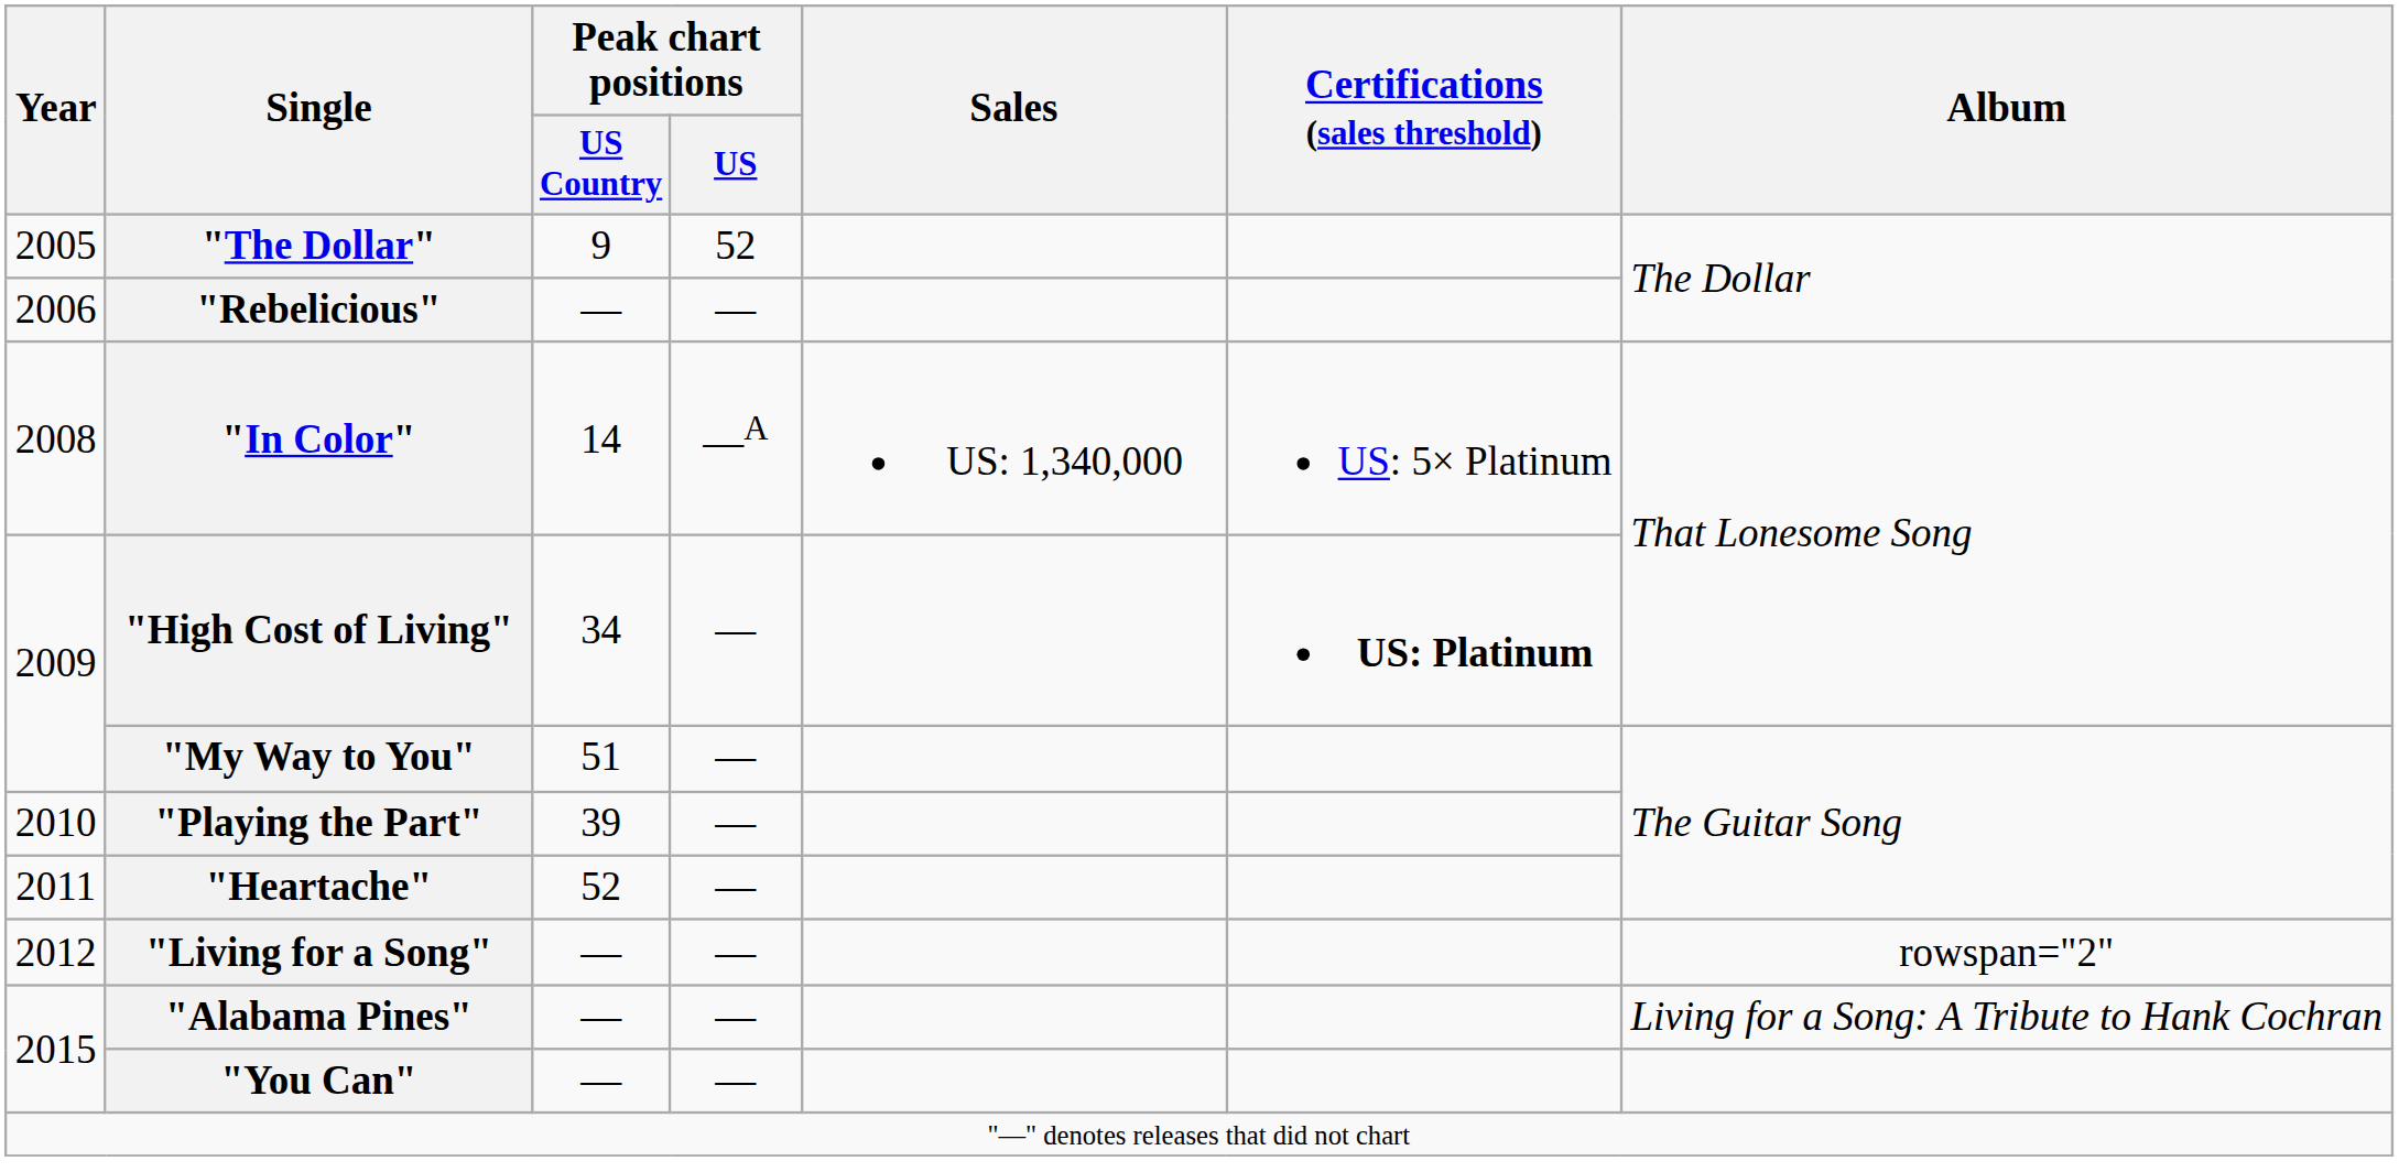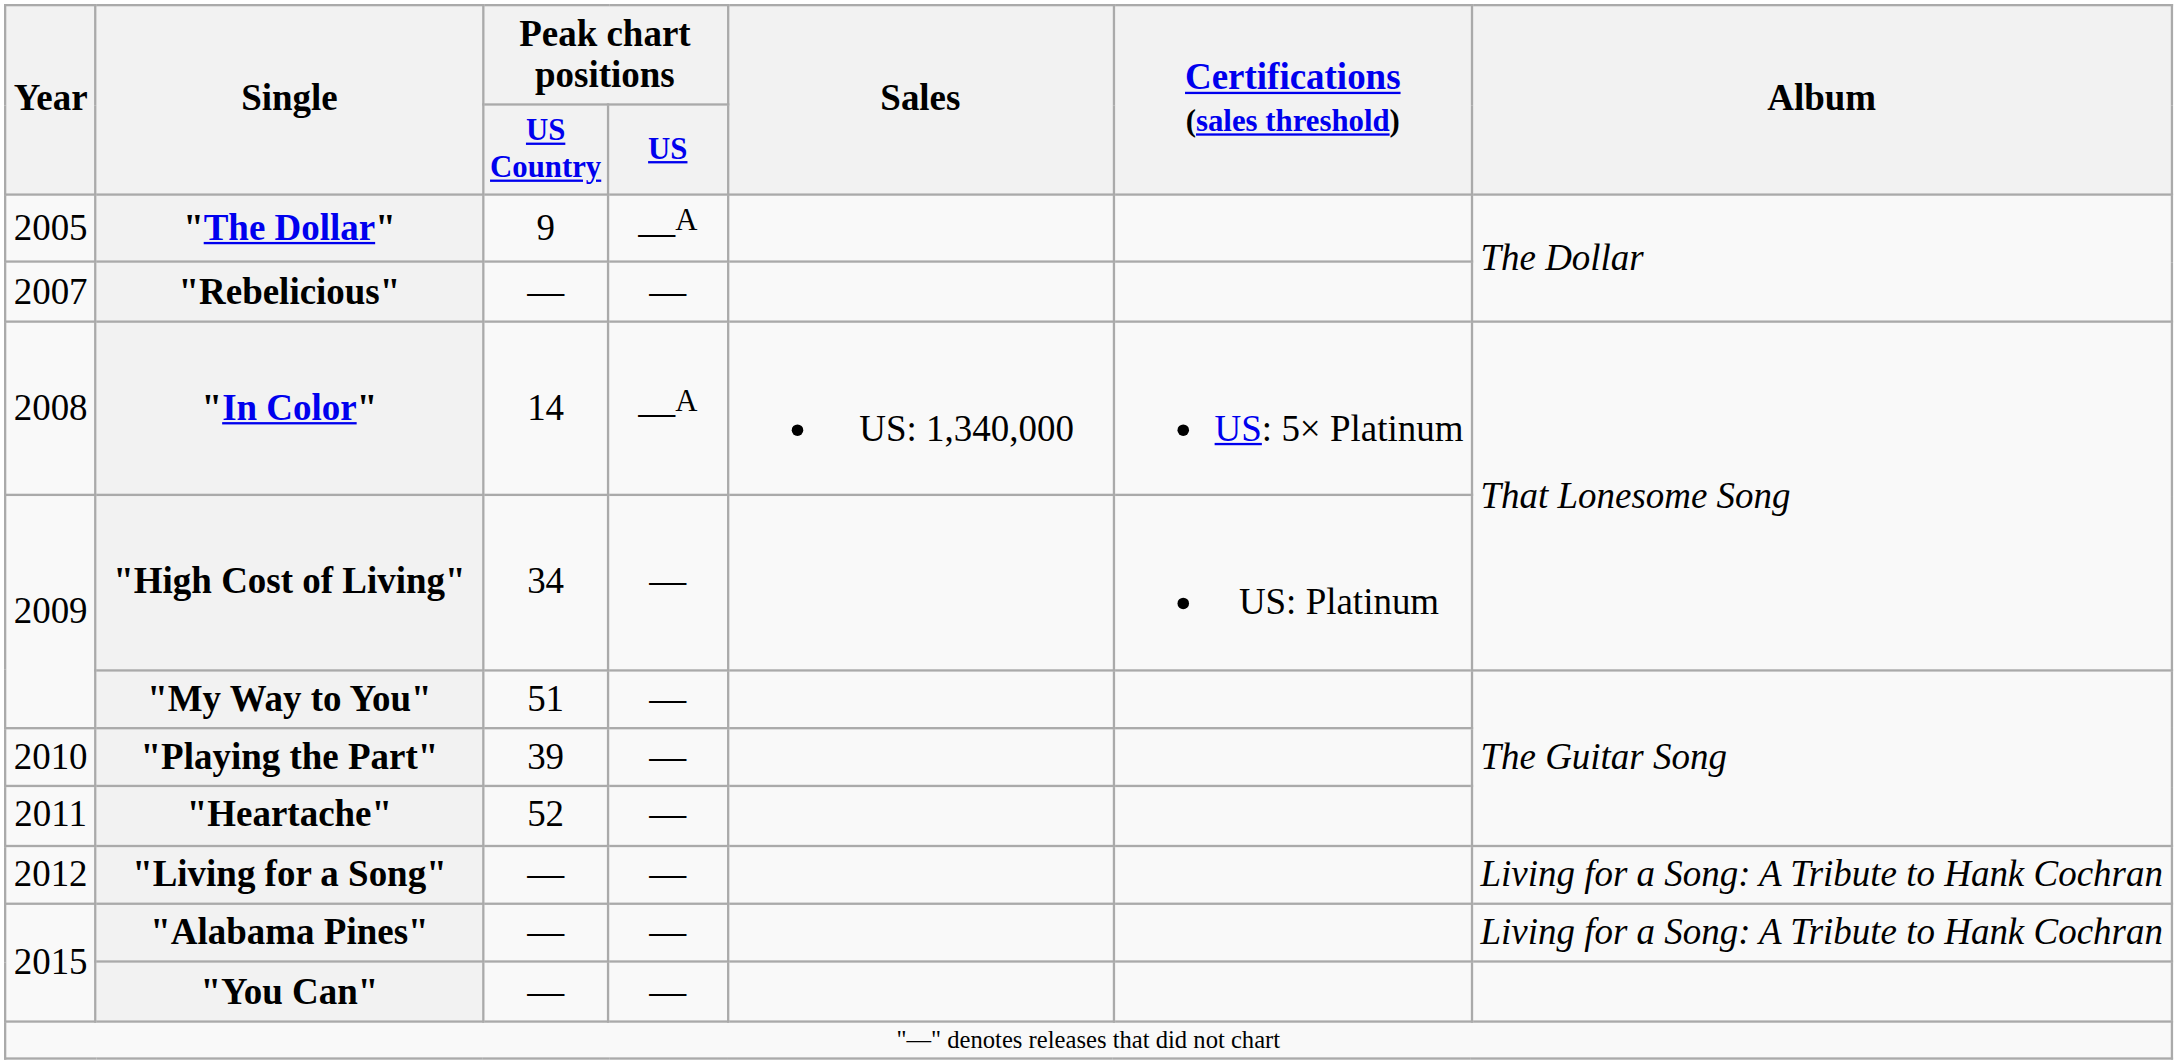 <table class="wikitable plainrowheaders" style="text-align:center;">
 <tr>
 <th rowspan="2">Year</th>
 <th rowspan="2" style="width:10em;">Single</th>
 <th colspan="2">Peak chart<br>positions</th>
 <th rowspan="2" style="width:10em;">Sales</th>
 <th rowspan="2"><a href='#'>Certifications</a><br><small>(<a href='#'>sales threshold</a>)</small></th>
 <th rowspan="2">Album</th>
 </tr>
 <tr style="font-size:smaller;">
 <th style="width:45px;"><a href='#'>US Country</a><br></th>
 <th style="width:45px;"><a href='#'>US</a><br></th>
 </tr>
 <tr>
 <td>2005</td>
 <th scope="row">"<a href='#'>The Dollar</a>"</th>
 <td>9</td>
-<td>52</td>
+<td>—<sup>A</sup></td>
 <td></td>
 <td></td>
 <td style="text-align:left;" rowspan="2"><em>The Dollar</em></td>
 </tr>
 <tr>
-<td>2006</td>
+<td>2007</td>
 <th scope="row">"Rebelicious"</th>
 <td>—</td>
 <td>—</td>
 <td></td>
 <td></td>
 </tr>
 <tr>
 <td>2008</td>
 <th scope="row">"<a href='#'>In Color</a>"</th>
 <td>14</td>
 <td>—<sup>A</sup></td>
 <td><br><ul><li>US: 1,340,000</li></ul></td>
 <td align=left><br><ul><li><a href='#'>US</a>: 5× Platinum</li></ul></td>
 <td style="text-align:left;" rowspan="2"><em>That Lonesome Song</em></td>
 </tr>
 <tr>
 <td rowspan="2">2009</td>
 <th scope="row">"High Cost of Living"</th>
 <td>34</td>
 <td>—</td>
 <td></td>
-<td><strong><br><ul><li>US: Platinum</li></ul></strong></td>
+<td><br><ul><li>US: Platinum</li></ul></td>
 </tr>
 <tr>
 <th scope="row">"My Way to You"</th>
 <td>51</td>
 <td>—</td>
 <td></td>
 <td></td>
 <td style="text-align:left;" rowspan="3"><em>The Guitar Song</em></td>
 </tr>
 <tr>
 <td>2010</td>
 <th scope="row">"Playing the Part"</th>
 <td>39</td>
 <td>—</td>
 <td></td>
 <td></td>
 </tr>
 <tr>
 <td>2011</td>
 <th scope="row">"Heartache"</th>
 <td>52</td>
 <td>—</td>
 <td></td>
 <td></td>
 </tr>
 <tr>
 <td>2012</td>
 <th scope="row">"Living for a Song"</th>
 <td>—</td>
 <td>—</td>
 <td></td>
 <td></td>
-<td>rowspan="2" </td>
+<td style="text-align:left;"><em>Living for a Song: A Tribute to Hank Cochran</em></td>
 </tr>
 <tr>
 <td rowspan="2">2015</td>
 <th scope="row">"Alabama Pines"</th>
 <td>—</td>
 <td>—</td>
 <td></td>
 <td></td>
 <td style="text-align:left;"><em>Living for a Song: A Tribute to Hank Cochran</em></td>
 </tr>
 <tr>
 <th scope="row">"You Can"</th>
 <td>—</td>
 <td>—</td>
 <td></td>
 <td></td>
 </tr>
 <tr>
 <td colspan="7" style="font-size:8pt">"—" denotes releases that did not chart</td>
 </tr>
 </table>
